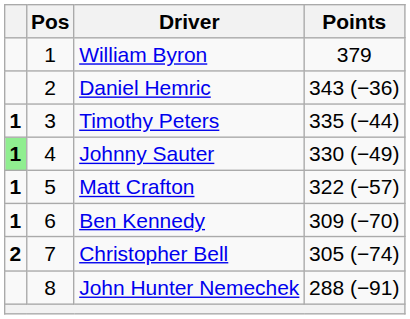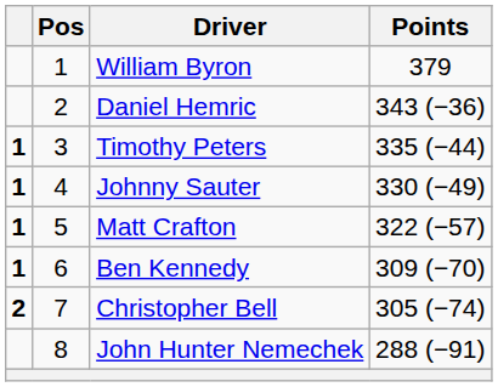 <table class="wikitable" style="font-size: 95%;">
 <tr>
 <th></th>
 <th>Pos</th>
 <th>Driver</th>
 <th>Points</th>
 </tr>
 <tr>
 <td align="left"></td>
 <td style="text-align:center;">1</td>
 <td><a href='#'>William Byron</a></td>
 <td style="text-align:center;">379</td>
 </tr>
 <tr>
 <td align="left"></td>
 <td style="text-align:center;">2</td>
 <td><a href='#'>Daniel Hemric</a></td>
 <td style="text-align:center;">343 (−36)</td>
 </tr>
 <tr>
 <td align="left"> <strong>1</strong></td>
 <td style="text-align:center;">3</td>
 <td><a href='#'>Timothy Peters</a></td>
 <td style="text-align:center;">335 (−44)</td>
 </tr>
 <tr>
-<td align="left" style="background: lightgreen;"> <strong>1</strong></td>
+<td align="left"> <strong>1</strong></td>
 <td style="text-align:center;">4</td>
 <td><a href='#'>Johnny Sauter</a></td>
 <td style="text-align:center;">330 (−49)</td>
 </tr>
 <tr>
 <td align="left"> <strong>1</strong></td>
 <td style="text-align:center;">5</td>
 <td><a href='#'>Matt Crafton</a></td>
 <td style="text-align:center;">322 (−57)</td>
 </tr>
 <tr>
 <td align="left"> <strong>1</strong></td>
 <td style="text-align:center;">6</td>
 <td><a href='#'>Ben Kennedy</a></td>
 <td style="text-align:center;">309 (−70)</td>
 </tr>
 <tr>
 <td align="left"> <strong>2</strong></td>
 <td style="text-align:center;">7</td>
 <td><a href='#'>Christopher Bell</a></td>
 <td style="text-align:center;">305 (−74)</td>
 </tr>
 <tr>
 <td align="left"></td>
 <td style="text-align:center;">8</td>
 <td><a href='#'>John Hunter Nemechek</a></td>
 <td style="text-align:center;">288 (−91)</td>
 </tr>
 <tr class="sortbottom">
 <th colspan="9"></th>
 </tr>
 </table>
